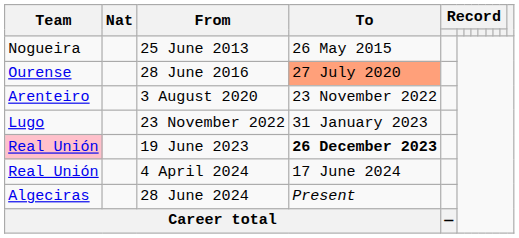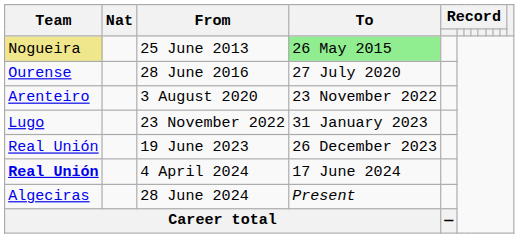 <table class="wikitable" style="text-align: center">
 <tr>
 <th rowspan="2">Team</th>
 <th rowspan="2">Nat</th>
 <th rowspan="2">From</th>
 <th rowspan="2">To</th>
 <th colspan="8">Record</th>
 <th rowspan=2></th>
 </tr>
 <tr>
 <th></th>
 <th></th>
 <th></th>
 <th></th>
 <th></th>
 <th></th>
 <th></th>
 <th></th>
 </tr>
 <tr>
-<td align="left">Nogueira</td>
+<td align="left" style="background: khaki;">Nogueira</td>
 <td></td>
 <td align=left>25 June 2013</td>
-<td align=left>26 May 2015<br></td>
+<td align=left style="background: lightgreen;">26 May 2015<br></td>
 <td></td>
 </tr>
 <tr>
 <td align="left"><a href='#'>Ourense</a></td>
 <td></td>
 <td align=left>28 June 2016</td>
-<td align=left style="background: lightsalmon;">27 July 2020<br></td>
+<td align=left>27 July 2020<br></td>
 <td></td>
 </tr>
 <tr>
 <td align="left"><a href='#'>Arenteiro</a></td>
 <td></td>
 <td align=left>3 August 2020</td>
 <td align=left>23 November 2022<br></td>
 <td></td>
 </tr>
 <tr>
 <td align="left"><a href='#'>Lugo</a></td>
 <td></td>
 <td align=left>23 November 2022</td>
 <td align=left>31 January 2023<br></td>
 <td></td>
 </tr>
 <tr>
-<td align="left" style="background: pink;"><a href='#'>Real Unión</a></td>
+<td align="left"><a href='#'>Real Unión</a></td>
 <td></td>
 <td align=left>19 June 2023</td>
-<td align=left><strong>26 December 2023<br></strong></td>
+<td align=left>26 December 2023<br></td>
 <td></td>
 </tr>
 <tr>
-<td align="left"><a href='#'>Real Unión</a></td>
+<td align="left"><strong><a href='#'>Real Unión</a></strong></td>
 <td></td>
 <td align=left>4 April 2024</td>
 <td align=left>17 June 2024<br></td>
 <td></td>
 </tr>
 <tr>
 <td align="left"><a href='#'>Algeciras</a></td>
 <td></td>
 <td align=left>28 June 2024</td>
 <td align=left><em>Present</em><br></td>
 <td></td>
 </tr>
 <tr>
 <th colspan=4><strong>Career total</strong><br></th>
 <th>—</th>
 </tr>
 </table>
